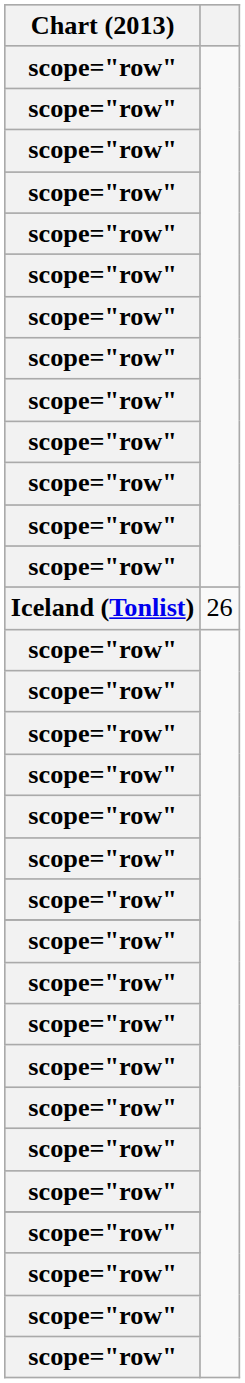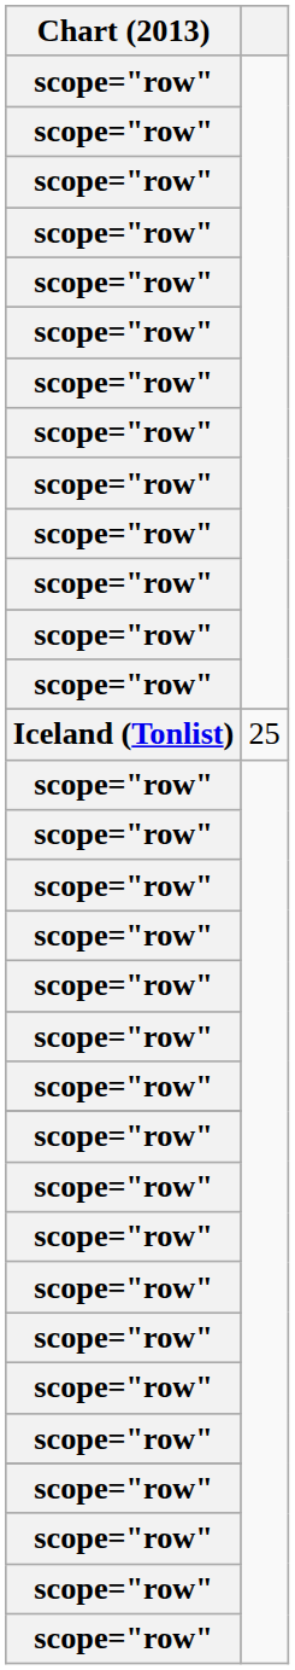 <table class="wikitable sortable plainrowheaders" style="text-align:center;">
 <tr>
 <th scope="col">Chart (2013)</th>
 <th scope="col"></th>
 </tr>
 <tr>
 <th>scope="row" </th>
 </tr>
 <tr>
 <th>scope="row" </th>
 </tr>
 <tr>
 <th>scope="row" </th>
 </tr>
 <tr>
 <th>scope="row" </th>
 </tr>
 <tr>
 <th>scope="row" </th>
 </tr>
 <tr>
 <th>scope="row" </th>
 </tr>
 <tr>
 <th>scope="row" </th>
 </tr>
 <tr>
 <th>scope="row" </th>
 </tr>
 <tr>
 <th>scope="row" </th>
 </tr>
 <tr>
 <th>scope="row" </th>
 </tr>
 <tr>
 <th>scope="row" </th>
 </tr>
 <tr>
 <th>scope="row" </th>
 </tr>
 <tr>
 <th>scope="row" </th>
 </tr>
 <tr>
 <th scope="row">Iceland (<a href='#'>Tonlist</a>)</th>
-<td style="text-align:center;">26</td>
+<td style="text-align:center;">25</td>
 </tr>
 <tr>
 <th>scope="row" </th>
 </tr>
 <tr>
 <th>scope="row" </th>
 </tr>
 <tr>
 <th>scope="row" </th>
 </tr>
 <tr>
 <th>scope="row" </th>
 </tr>
 <tr>
 <th>scope="row" </th>
 </tr>
 <tr>
 <th>scope="row" </th>
 </tr>
 <tr>
 <th>scope="row" </th>
 </tr>
 <tr>
 </tr>
 <tr>
 <th>scope="row" </th>
 </tr>
 <tr>
 <th>scope="row" </th>
 </tr>
 <tr>
 <th>scope="row" </th>
 </tr>
 <tr>
 <th>scope="row" </th>
 </tr>
 <tr>
 <th>scope="row" </th>
 </tr>
 <tr>
 <th>scope="row" </th>
 </tr>
 <tr>
 <th>scope="row" </th>
 </tr>
 <tr>
 </tr>
 <tr>
 <th>scope="row" </th>
 </tr>
 <tr>
 <th>scope="row" </th>
 </tr>
 <tr>
 <th>scope="row" </th>
 </tr>
 <tr>
 <th>scope="row" </th>
 </tr>
 </table>
